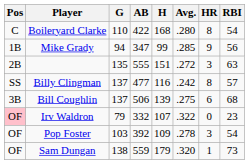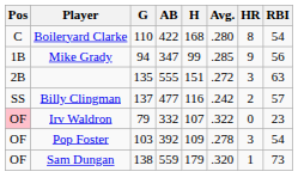 <table class="wikitable sortable" style="text-align:center;">
 <tr>
 <th>Pos</th>
 <th>Player</th>
 <th>G</th>
 <th>AB</th>
 <th>H</th>
 <th>Avg.</th>
 <th>HR</th>
 <th>RBI</th>
 </tr>
 <tr>
 <td>C</td>
 <td><a href='#'>Boileryard Clarke</a></td>
 <td>110</td>
 <td>422</td>
 <td>168</td>
 <td>.280</td>
 <td>8</td>
 <td>54</td>
 </tr>
 <tr>
 <td>1B</td>
 <td><a href='#'>Mike Grady</a></td>
 <td>94</td>
 <td>347</td>
 <td>99</td>
 <td>.285</td>
 <td>9</td>
 <td>56</td>
 </tr>
 <tr>
 <td>2B</td>
 <td></td>
 <td>135</td>
 <td>555</td>
 <td>151</td>
 <td>.272</td>
 <td>3</td>
 <td>63</td>
 </tr>
 <tr>
 <td>SS</td>
 <td><a href='#'>Billy Clingman</a></td>
 <td>137</td>
 <td>477</td>
 <td>116</td>
 <td>.242</td>
-<td>8</td>
+<td>2</td>
 <td>57</td>
-</tr>
-<tr>
-<td>3B</td>
-<td><a href='#'>Bill Coughlin</a></td>
-<td>137</td>
-<td>506</td>
-<td>139</td>
-<td>.275</td>
-<td>6</td>
-<td>68</td>
 </tr>
 <tr>
 <td style="background: pink;">OF</td>
 <td><a href='#'>Irv Waldron</a></td>
 <td>79</td>
 <td>332</td>
 <td>107</td>
 <td>.322</td>
 <td>0</td>
 <td>23</td>
 </tr>
 <tr>
 <td>OF</td>
 <td><a href='#'>Pop Foster</a></td>
 <td>103</td>
 <td>392</td>
 <td>109</td>
 <td>.278</td>
 <td>3</td>
 <td>54</td>
 </tr>
 <tr>
 <td>OF</td>
 <td><a href='#'>Sam Dungan</a></td>
 <td>138</td>
 <td>559</td>
 <td>179</td>
 <td>.320</td>
 <td>1</td>
 <td>73</td>
 </tr>
 </table>
